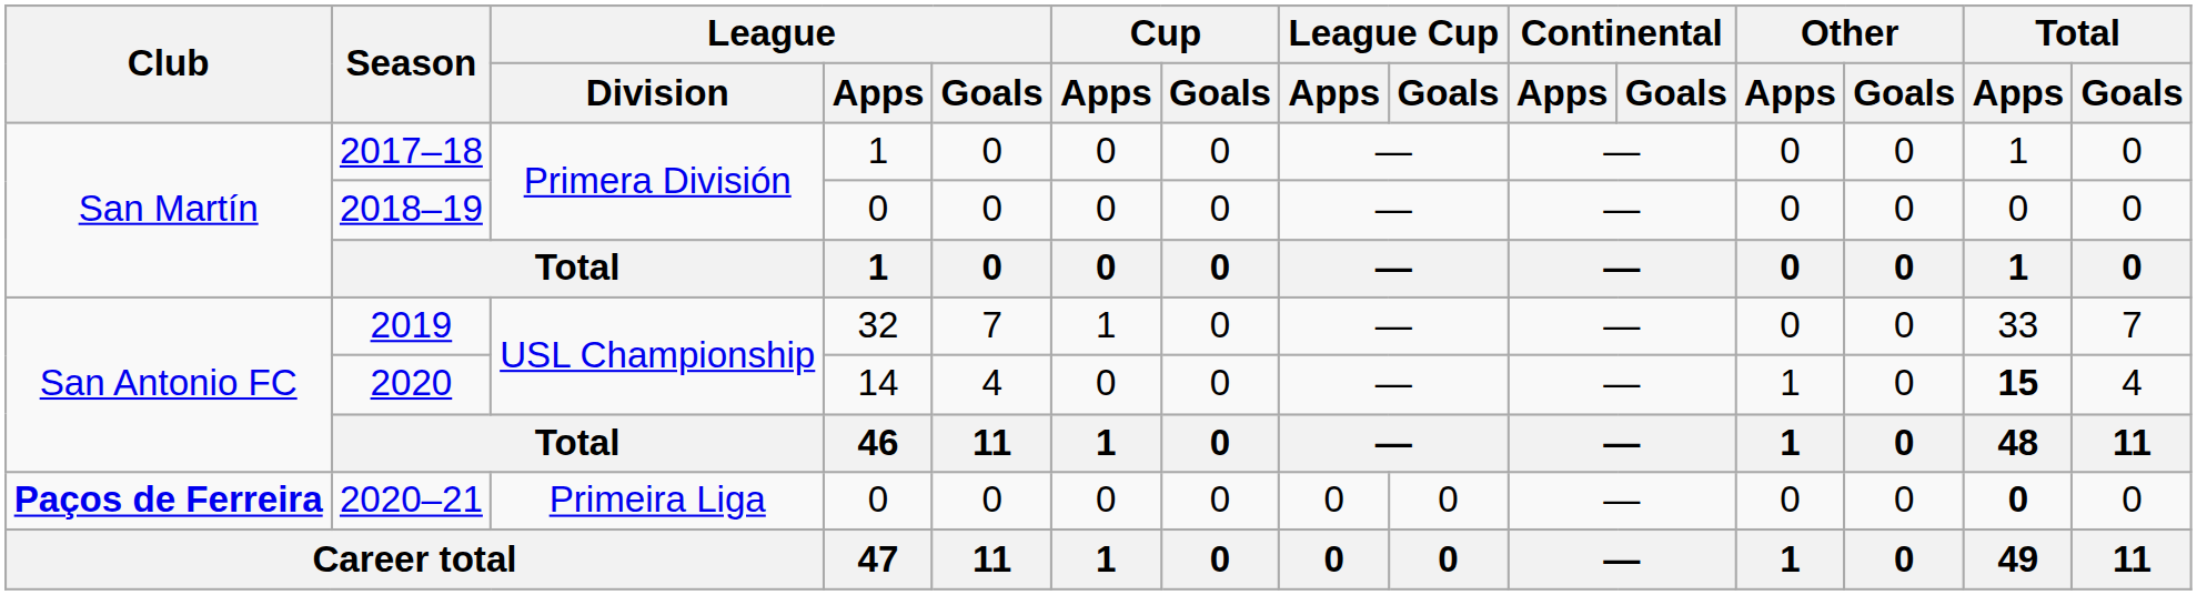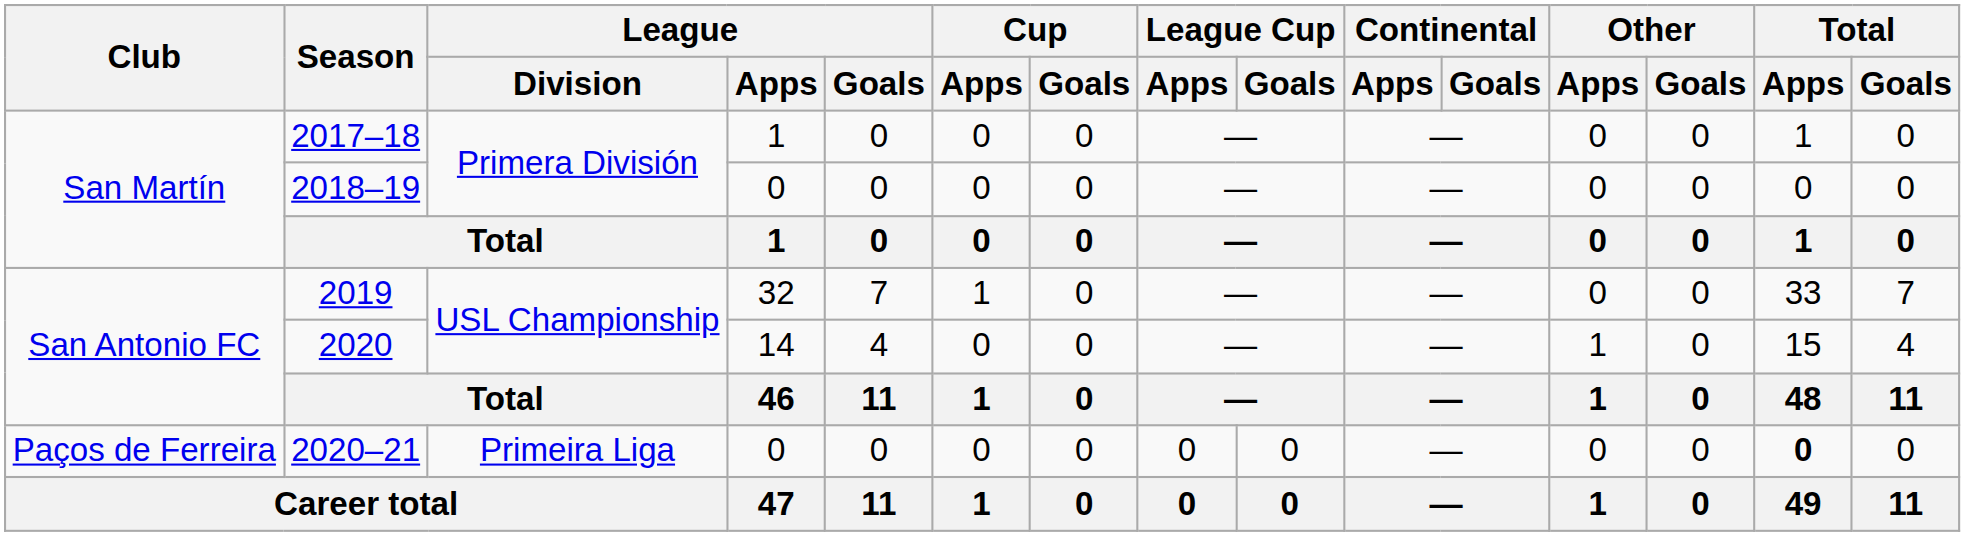 <table class="wikitable" style="text-align:center">
 <tr>
 <th rowspan="2">Club</th>
 <th rowspan="2">Season</th>
 <th colspan="3">League</th>
 <th colspan="2">Cup</th>
 <th colspan="2">League Cup</th>
 <th colspan="2">Continental</th>
 <th colspan="2">Other</th>
 <th colspan="2">Total</th>
 </tr>
 <tr>
 <th>Division</th>
 <th>Apps</th>
 <th>Goals</th>
 <th>Apps</th>
 <th>Goals</th>
 <th>Apps</th>
 <th>Goals</th>
 <th>Apps</th>
 <th>Goals</th>
 <th>Apps</th>
 <th>Goals</th>
 <th>Apps</th>
 <th>Goals</th>
 </tr>
 <tr>
 <td rowspan="3"><a href='#'>San Martín</a></td>
 <td><a href='#'>2017–18</a></td>
 <td rowspan="2"><a href='#'>Primera División</a></td>
 <td>1</td>
 <td>0</td>
 <td>0</td>
 <td>0</td>
 <td colspan="2">—</td>
 <td colspan="2">—</td>
 <td>0</td>
 <td>0</td>
 <td>1</td>
 <td>0</td>
 </tr>
 <tr>
 <td><a href='#'>2018–19</a></td>
 <td>0</td>
 <td>0</td>
 <td>0</td>
 <td>0</td>
 <td colspan="2">—</td>
 <td colspan="2">—</td>
 <td>0</td>
 <td>0</td>
 <td>0</td>
 <td>0</td>
 </tr>
 <tr>
 <th colspan="2">Total</th>
 <th>1</th>
 <th>0</th>
 <th>0</th>
 <th>0</th>
 <th colspan="2">—</th>
 <th colspan="2">—</th>
 <th>0</th>
 <th>0</th>
 <th>1</th>
 <th>0</th>
 </tr>
 <tr>
 <td rowspan="3"><a href='#'>San Antonio FC</a></td>
 <td><a href='#'>2019</a></td>
 <td rowspan="2"><a href='#'>USL Championship</a></td>
 <td>32</td>
 <td>7</td>
 <td>1</td>
 <td>0</td>
 <td colspan="2">—</td>
 <td colspan="2">—</td>
 <td>0</td>
 <td>0</td>
 <td>33</td>
 <td>7</td>
 </tr>
 <tr>
 <td><a href='#'>2020</a></td>
 <td>14</td>
 <td>4</td>
 <td>0</td>
 <td>0</td>
 <td colspan="2">—</td>
 <td colspan="2">—</td>
 <td>1</td>
 <td>0</td>
-<td><strong>15</strong></td>
+<td>15</td>
 <td>4</td>
 </tr>
 <tr>
 <th colspan="2">Total</th>
 <th>46</th>
 <th>11</th>
 <th>1</th>
 <th>0</th>
 <th colspan="2">—</th>
 <th colspan="2">—</th>
 <th>1</th>
 <th>0</th>
 <th>48</th>
 <th>11</th>
 </tr>
 <tr>
-<td rowspan="1"><strong><a href='#'>Paços de Ferreira</a></strong></td>
+<td rowspan="1"><a href='#'>Paços de Ferreira</a></td>
 <td><a href='#'>2020–21</a></td>
 <td rowspan="1"><a href='#'>Primeira Liga</a></td>
 <td>0</td>
 <td>0</td>
 <td>0</td>
 <td>0</td>
 <td>0</td>
 <td>0</td>
 <td colspan="2">—</td>
 <td>0</td>
 <td>0</td>
 <td><strong>0</strong></td>
 <td>0</td>
 </tr>
 <tr>
 <th colspan="3">Career total</th>
 <th>47</th>
 <th>11</th>
 <th>1</th>
 <th>0</th>
 <th>0</th>
 <th>0</th>
 <th colspan="2">—</th>
 <th>1</th>
 <th>0</th>
 <th>49</th>
 <th>11</th>
 </tr>
 </table>
